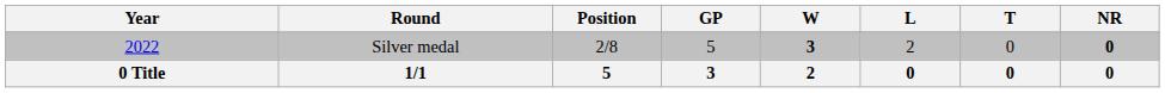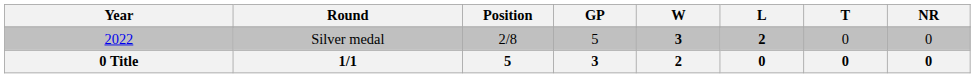 <table class="wikitable" style="text-align: center; width:85%">
 <tr>
 <th width=150>Year</th>
 <th width=150>Round</th>
 <th width=50>Position</th>
 <th width=50>GP</th>
 <th width=50>W</th>
 <th width=50>L</th>
 <th width=50>T</th>
 <th width=50>NR</th>
 </tr>
 <tr>
 </tr>
 <tr style="background:silver;">
 <td> <a href='#'>2022</a></td>
 <td>Silver medal</td>
 <td>2/8</td>
 <td>5</td>
 <td><strong>3</strong></td>
-<td>2</td>
+<td><strong>2</strong></td>
 <td>0</td>
-<td><strong>0</strong></td>
+<td>0</td>
 </tr>
 <tr>
 <th>0 Title</th>
 <th>1/1</th>
 <th>5</th>
 <th>3</th>
 <th>2</th>
 <th>0</th>
 <th>0</th>
 <th>0</th>
 </tr>
 </table>
